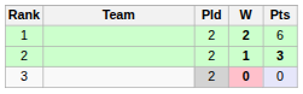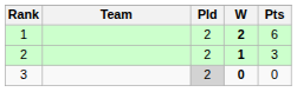 <table class="wikitable">
 <tr>
 </tr>
 <tr>
 <th style="width:35px">Rank</th>
 <th style="width:180px">Team</th>
 <th style="width:35px">Pld</th>
 <th style="width:35px">W</th>
 <th style="width:35px">Pts</th>
 </tr>
 <tr bgcolor=#ccffcc>
 <td align=center>1</td>
 <td></td>
 <td align=center>2</td>
 <td align=center><strong>2</strong></td>
 <td align=center>6</td>
 </tr>
 <tr bgcolor=#ccffcc>
 <td align=center>2</td>
 <td></td>
 <td align=center>2</td>
 <td align=center><strong>1</strong></td>
-<td align=center><strong>3</strong></td>
+<td align=center>3</td>
 </tr>
 <tr>
 <td align=center>3</td>
 <td></td>
 <td align=center style="background: lightgrey;">2</td>
-<td align=center style="background: pink;"><strong>0</strong></td>
-<td align=center style="background: lavender;">0</td>
+<td align=center><strong>0</strong></td>
+<td align=center>0</td>
 </tr>
 </table>
